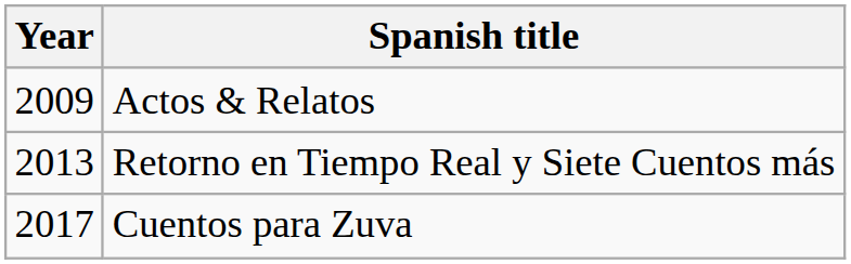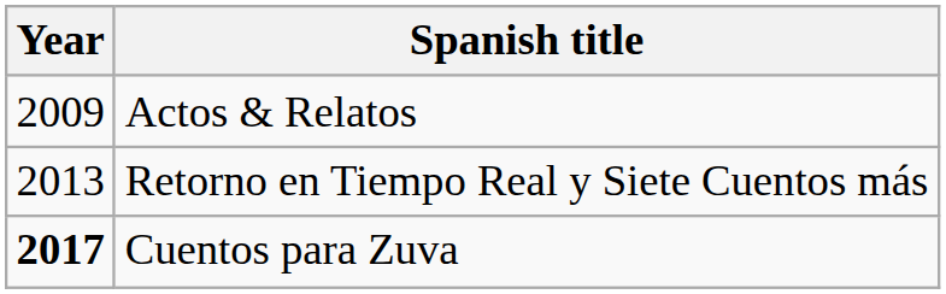 <table class="wikitable">
 <tr>
 <th>Year</th>
 <th>Spanish title</th>
 </tr>
 <tr>
 <td>2009</td>
 <td>Actos & Relatos</td>
 </tr>
 <tr>
 <td>2013</td>
 <td>Retorno en Tiempo Real y Siete Cuentos más</td>
 </tr>
 <tr>
-<td>2017</td>
+<td><strong>2017</strong></td>
 <td>Cuentos para Zuva</td>
 </tr>
 </table>
